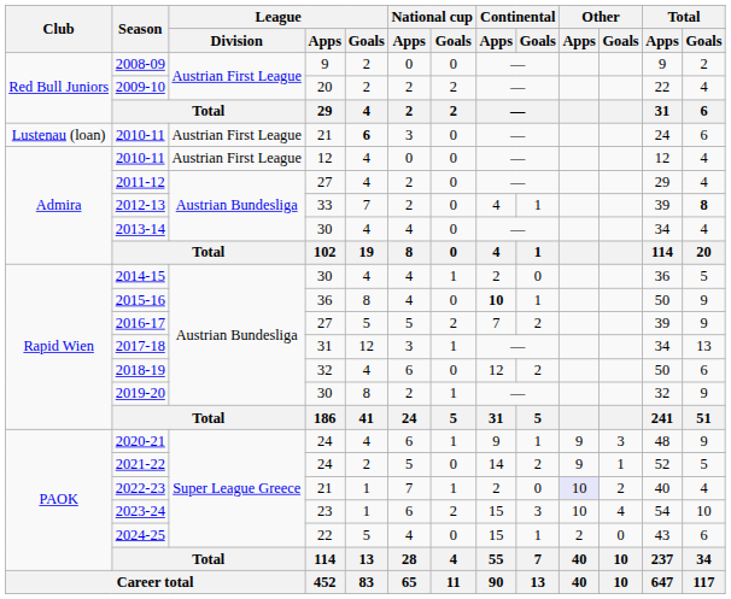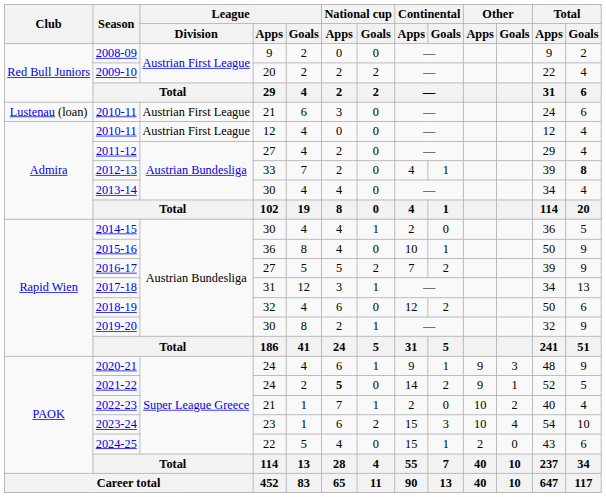 <table class="wikitable" style="text-align:center">
 <tr>
 <th rowspan="2">Club</th>
 <th rowspan="2">Season</th>
 <th colspan="3">League</th>
 <th colspan="2">National cup</th>
 <th colspan="2">Continental</th>
 <th colspan="2">Other</th>
 <th colspan="2">Total</th>
 </tr>
 <tr>
 <th>Division</th>
 <th>Apps</th>
 <th>Goals</th>
 <th>Apps</th>
 <th>Goals</th>
 <th>Apps</th>
 <th>Goals</th>
 <th>Apps</th>
 <th>Goals</th>
 <th>Apps</th>
 <th>Goals</th>
 </tr>
 <tr>
 <td rowspan="3"><a href='#'>Red Bull Juniors</a></td>
 <td><a href='#'>2008-09</a></td>
 <td rowspan="2"><a href='#'>Austrian First League</a></td>
 <td>9</td>
 <td>2</td>
 <td>0</td>
 <td>0</td>
 <td colspan="2">—</td>
 <td></td>
 <td></td>
 <td>9</td>
 <td>2</td>
 </tr>
 <tr>
 <td><a href='#'>2009-10</a></td>
 <td>20</td>
 <td>2</td>
 <td>2</td>
 <td>2</td>
 <td colspan="2">—</td>
 <td></td>
 <td></td>
 <td>22</td>
 <td>4</td>
 </tr>
 <tr>
 <th colspan="2">Total</th>
 <th>29</th>
 <th>4</th>
 <th>2</th>
 <th>2</th>
 <th colspan="2">—</th>
 <th></th>
 <th></th>
 <th>31</th>
 <th>6</th>
 </tr>
 <tr>
 <td><a href='#'>Lustenau</a> (loan)</td>
 <td><a href='#'>2010-11</a></td>
 <td>Austrian First League</td>
 <td>21</td>
-<td><strong>6</strong></td>
+<td>6</td>
 <td>3</td>
 <td>0</td>
 <td colspan="2">—</td>
 <td></td>
 <td></td>
 <td>24</td>
 <td>6</td>
 </tr>
 <tr>
 <td rowspan="5"><a href='#'>Admira</a></td>
 <td><a href='#'>2010-11</a></td>
 <td>Austrian First League</td>
 <td>12</td>
 <td>4</td>
 <td>0</td>
 <td>0</td>
 <td colspan="2">—</td>
 <td></td>
 <td></td>
 <td>12</td>
 <td>4</td>
 </tr>
 <tr>
 <td><a href='#'>2011-12</a></td>
 <td rowspan="3"><a href='#'>Austrian Bundesliga</a></td>
 <td>27</td>
 <td>4</td>
 <td>2</td>
 <td>0</td>
 <td colspan="2">—</td>
 <td></td>
 <td></td>
 <td>29</td>
 <td>4</td>
 </tr>
 <tr>
 <td><a href='#'>2012-13</a></td>
 <td>33</td>
 <td>7</td>
 <td>2</td>
 <td>0</td>
 <td>4</td>
 <td>1</td>
 <td></td>
 <td></td>
 <td>39</td>
 <td><strong>8</strong></td>
 </tr>
 <tr>
 <td><a href='#'>2013-14</a></td>
 <td>30</td>
 <td>4</td>
 <td>4</td>
 <td>0</td>
 <td colspan="2">—</td>
 <td></td>
 <td></td>
 <td>34</td>
 <td>4</td>
 </tr>
 <tr>
 <th colspan="2">Total</th>
 <th>102</th>
 <th>19</th>
 <th>8</th>
 <th>0</th>
 <th>4</th>
 <th>1</th>
 <th></th>
 <th></th>
 <th>114</th>
 <th>20</th>
 </tr>
 <tr>
 <td rowspan="7"><a href='#'>Rapid Wien</a></td>
 <td><a href='#'>2014-15</a></td>
 <td rowspan="6">Austrian Bundesliga</td>
 <td>30</td>
 <td>4</td>
 <td>4</td>
 <td>1</td>
 <td>2</td>
 <td>0</td>
 <td></td>
 <td></td>
 <td>36</td>
 <td>5</td>
 </tr>
 <tr>
 <td><a href='#'>2015-16</a></td>
 <td>36</td>
 <td>8</td>
 <td>4</td>
 <td>0</td>
-<td><strong>10</strong></td>
+<td>10</td>
 <td>1</td>
 <td></td>
 <td></td>
 <td>50</td>
 <td>9</td>
 </tr>
 <tr>
 <td><a href='#'>2016-17</a></td>
 <td>27</td>
 <td>5</td>
 <td>5</td>
 <td>2</td>
 <td>7</td>
 <td>2</td>
 <td></td>
 <td></td>
 <td>39</td>
 <td>9</td>
 </tr>
 <tr>
 <td><a href='#'>2017-18</a></td>
 <td>31</td>
 <td>12</td>
 <td>3</td>
 <td>1</td>
 <td colspan=2>—</td>
 <td></td>
 <td></td>
 <td>34</td>
 <td>13</td>
 </tr>
 <tr>
 <td><a href='#'>2018-19</a></td>
 <td>32</td>
 <td>4</td>
 <td>6</td>
 <td>0</td>
 <td>12</td>
 <td>2</td>
 <td></td>
 <td></td>
 <td>50</td>
 <td>6</td>
 </tr>
 <tr>
 <td><a href='#'>2019-20</a></td>
 <td>30</td>
 <td>8</td>
 <td>2</td>
 <td>1</td>
 <td colspan="2">—</td>
 <td></td>
 <td></td>
 <td>32</td>
 <td>9</td>
 </tr>
 <tr>
 <th colspan="2">Total</th>
 <th>186</th>
 <th>41</th>
 <th>24</th>
 <th>5</th>
 <th>31</th>
 <th>5</th>
 <th></th>
 <th></th>
 <th>241</th>
 <th>51</th>
 </tr>
 <tr>
 <td rowspan="6"><a href='#'>PAOK</a></td>
 <td><a href='#'>2020-21</a></td>
 <td rowspan="5"><a href='#'>Super League Greece</a></td>
 <td>24</td>
 <td>4</td>
 <td>6</td>
 <td>1</td>
 <td>9</td>
 <td>1</td>
 <td>9</td>
 <td>3</td>
 <td>48</td>
 <td>9</td>
 </tr>
 <tr>
 <td><a href='#'>2021-22</a></td>
 <td>24</td>
 <td>2</td>
-<td>5</td>
+<td><strong>5</strong></td>
 <td>0</td>
 <td>14</td>
 <td>2</td>
 <td>9</td>
 <td>1</td>
 <td>52</td>
 <td>5</td>
 </tr>
 <tr>
 <td><a href='#'>2022-23</a></td>
 <td>21</td>
 <td>1</td>
 <td>7</td>
 <td>1</td>
 <td>2</td>
 <td>0</td>
-<td style="background: lavender;">10</td>
+<td>10</td>
 <td>2</td>
 <td>40</td>
 <td>4</td>
 </tr>
 <tr>
 <td><a href='#'>2023-24</a></td>
 <td>23</td>
 <td>1</td>
 <td>6</td>
 <td>2</td>
 <td>15</td>
 <td>3</td>
 <td>10</td>
 <td>4</td>
 <td>54</td>
 <td>10</td>
 </tr>
 <tr>
 <td><a href='#'>2024-25</a></td>
 <td>22</td>
 <td>5</td>
 <td>4</td>
 <td>0</td>
 <td>15</td>
 <td>1</td>
 <td>2</td>
 <td>0</td>
 <td>43</td>
 <td>6</td>
 </tr>
 <tr>
 <th colspan="2">Total</th>
 <th>114</th>
 <th>13</th>
 <th>28</th>
 <th>4</th>
 <th>55</th>
 <th>7</th>
 <th>40</th>
 <th>10</th>
 <th>237</th>
 <th>34</th>
 </tr>
 <tr>
 <th colspan="3">Career total</th>
 <th>452</th>
 <th>83</th>
 <th>65</th>
 <th>11</th>
 <th>90</th>
 <th>13</th>
 <th>40</th>
 <th>10</th>
 <th>647</th>
 <th>117</th>
 </tr>
 </table>
